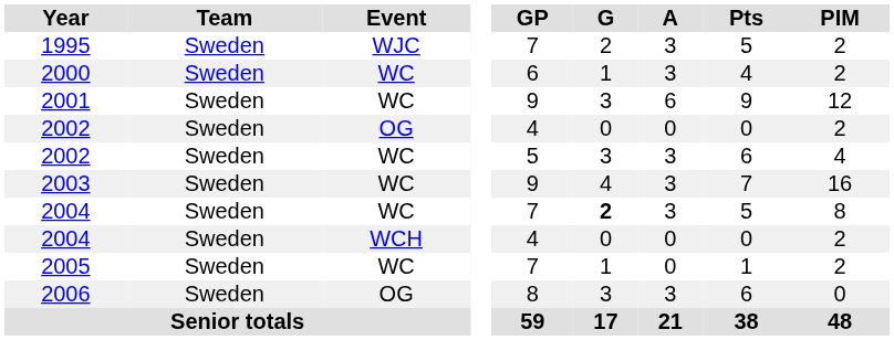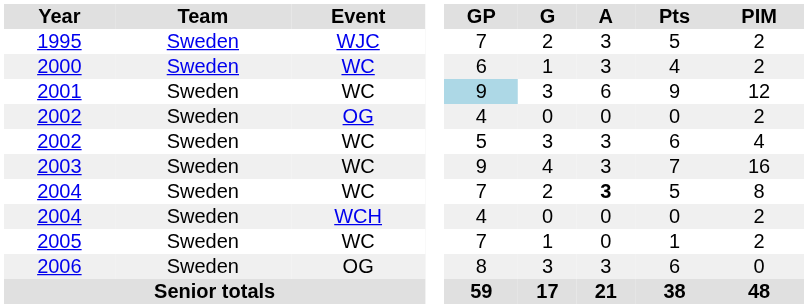 <table border="0" cellpadding="1" cellspacing="0" style="text-align:center; width:40em">
 <tr ALIGN="center" bgcolor="#e0e0e0">
 <th>Year</th>
 <th>Team</th>
 <th>Event</th>
 <th rowspan="99" bgcolor="#ffffff"> </th>
 <th>GP</th>
 <th>G</th>
 <th>A</th>
 <th>Pts</th>
 <th>PIM</th>
 </tr>
 <tr>
 <td><a href='#'>1995</a></td>
 <td><a href='#'>Sweden</a></td>
 <td><a href='#'>WJC</a></td>
 <td>7</td>
 <td>2</td>
 <td>3</td>
 <td>5</td>
 <td>2</td>
 </tr>
 <tr bgcolor="#f0f0f0">
 <td><a href='#'>2000</a></td>
 <td><a href='#'>Sweden</a></td>
 <td><a href='#'>WC</a></td>
 <td>6</td>
 <td>1</td>
 <td>3</td>
 <td>4</td>
 <td>2</td>
 </tr>
 <tr>
 <td><a href='#'>2001</a></td>
 <td>Sweden</td>
 <td>WC</td>
-<td>9</td>
+<td style="background: lightblue;">9</td>
 <td>3</td>
 <td>6</td>
 <td>9</td>
 <td>12</td>
 </tr>
 <tr bgcolor="#f0f0f0">
 <td><a href='#'>2002</a></td>
 <td>Sweden</td>
 <td><a href='#'>OG</a></td>
 <td>4</td>
 <td>0</td>
 <td>0</td>
 <td>0</td>
 <td>2</td>
 </tr>
 <tr>
 <td><a href='#'>2002</a></td>
 <td>Sweden</td>
 <td>WC</td>
 <td>5</td>
 <td>3</td>
 <td>3</td>
 <td>6</td>
 <td>4</td>
 </tr>
 <tr bgcolor="#f0f0f0">
 <td><a href='#'>2003</a></td>
 <td>Sweden</td>
 <td>WC</td>
 <td>9</td>
 <td>4</td>
 <td>3</td>
 <td>7</td>
 <td>16</td>
 </tr>
 <tr>
 <td><a href='#'>2004</a></td>
 <td>Sweden</td>
 <td>WC</td>
 <td>7</td>
-<td><strong>2</strong></td>
-<td>3</td>
+<td>2</td>
+<td><strong>3</strong></td>
 <td>5</td>
 <td>8</td>
 </tr>
 <tr bgcolor="#f0f0f0">
 <td><a href='#'>2004</a></td>
 <td>Sweden</td>
 <td><a href='#'>WCH</a></td>
 <td>4</td>
 <td>0</td>
 <td>0</td>
 <td>0</td>
 <td>2</td>
 </tr>
 <tr>
 <td><a href='#'>2005</a></td>
 <td>Sweden</td>
 <td>WC</td>
 <td>7</td>
 <td>1</td>
 <td>0</td>
 <td>1</td>
 <td>2</td>
 </tr>
 <tr bgcolor="#f0f0f0">
 <td><a href='#'>2006</a></td>
 <td>Sweden</td>
 <td>OG</td>
 <td>8</td>
 <td>3</td>
 <td>3</td>
 <td>6</td>
 <td>0</td>
 </tr>
 <tr bgcolor="#e0e0e0">
 <th colspan="3">Senior totals</th>
 <th>59</th>
 <th>17</th>
 <th>21</th>
 <th>38</th>
 <th>48</th>
 </tr>
 </table>
